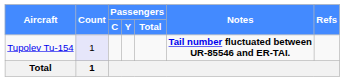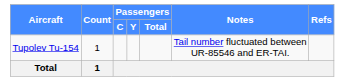 <table class="wikitable" style="margin:1em auto; border-collapse:collapse;text-align:center">
 <tr>
 <th style="background-color:#438aff;color: white" rowspan="2">Aircraft</th>
 <th style="background-color:#438aff;color: white" rowspan="2">Count</th>
 <th style="background-color:#438aff;color: white" colspan="3">Passengers</th>
 <th style="background-color:#438aff;color: white" rowspan="2">Notes</th>
 <th style="background-color:#438aff;color: white" rowspan="2">Refs</th>
 </tr>
 <tr>
 <th style="background-color:#438aff;color: white"><abbr>C</abbr></th>
 <th style="background-color:#438aff;color: white"><abbr>Y</abbr></th>
 <th style="background-color:#438aff;color: white">Total</th>
 </tr>
 <tr>
 <td><a href='#'>Tupolev Tu-154</a></td>
-<td style="background: lavender;">1</td>
+<td>1</td>
 <td></td>
 <td></td>
 <td></td>
-<td><strong><a href='#'>Tail number</a> fluctuated between <br> UR-85546 and ER-TAI.</strong></td>
+<td><a href='#'>Tail number</a> fluctuated between <br> UR-85546 and ER-TAI.</td>
 <td></td>
 </tr>
 <tr>
 <th>Total</th>
 <th>1</th>
 <th colspan="5"></th>
 </tr>
 </table>
